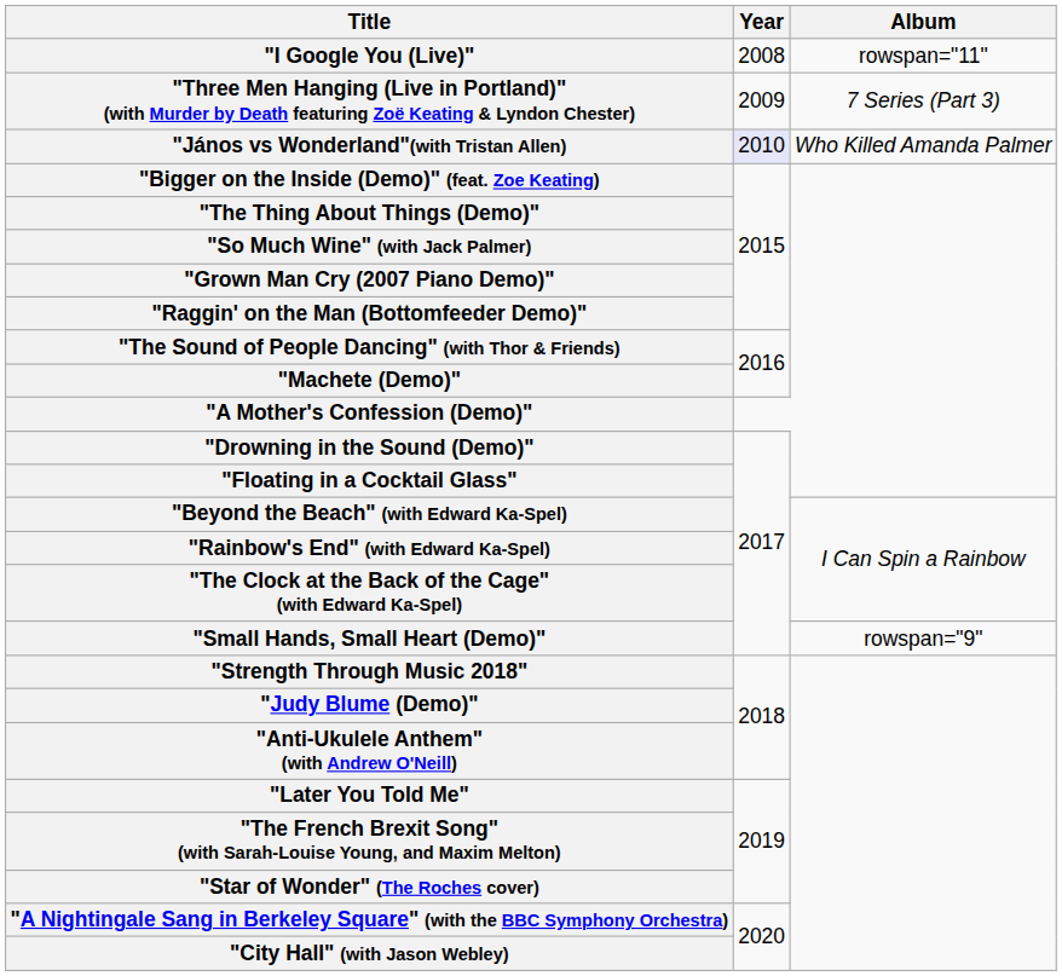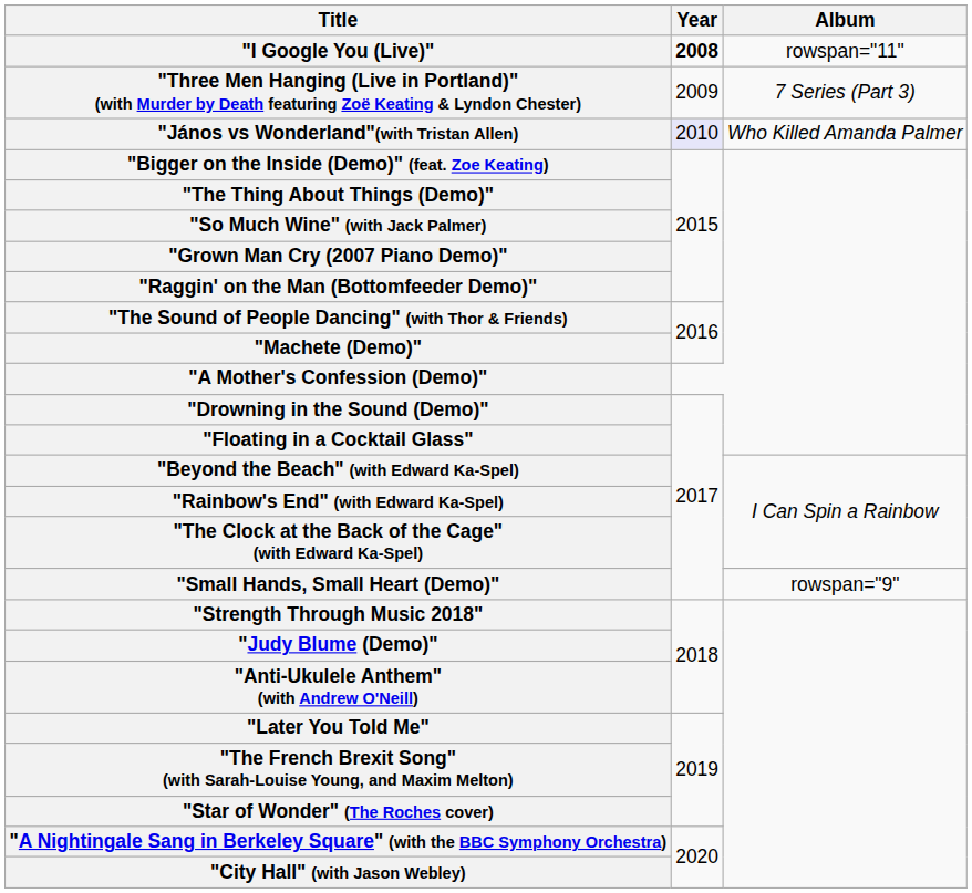 <table class="wikitable plainrowheaders" style="text-align:center;">
 <tr>
 <th scope="col" rowspan="1">Title</th>
 <th scope="col" rowspan="1">Year</th>
 <th scope="col" rowspan="1">Album</th>
 </tr>
 <tr>
 <th scope="row">"I Google You (Live)"</th>
-<td>2008</td>
+<td><strong>2008</strong></td>
 <td>rowspan="11" </td>
 </tr>
 <tr>
 <th scope="row">"Three Men Hanging (Live in Portland)"<br><small>(with <a href='#'>Murder by Death</a> featuring <a href='#'>Zoë Keating</a> & Lyndon Chester)</small></th>
 <td>2009</td>
 <td><em>7 Series (Part 3)</em></td>
 </tr>
 <tr>
 <th scope="row">"János vs Wonderland"<small>(with Tristan Allen)</small></th>
 <td style="background: lavender;">2010</td>
 <td><em>Who Killed Amanda Palmer</em></td>
 </tr>
 <tr>
 <th scope="row">"Bigger on the Inside (Demo)"  <small>(feat. <a href='#'>Zoe Keating</a>)</small></th>
 <td rowspan="5">2015</td>
 </tr>
 <tr>
 <th scope="row">"The Thing About Things (Demo)"</th>
 </tr>
 <tr>
 <th scope="row">"So Much Wine" <small>(with Jack Palmer)</small></th>
 </tr>
 <tr>
 <th scope="row">"Grown Man Cry (2007 Piano Demo)"</th>
 </tr>
 <tr>
 <th scope="row">"Raggin' on the Man (Bottomfeeder Demo)"</th>
 </tr>
 <tr>
 <th scope="row">"The Sound of People Dancing" <small>(with Thor & Friends)</small></th>
 <td rowspan="2">2016</td>
 </tr>
 <tr>
 <th scope="row">"Machete (Demo)" </th>
 </tr>
 <tr>
 <th scope="row">"A Mother's Confession (Demo)" </th>
 </tr>
 <tr>
 <th scope="row">"Drowning in the Sound (Demo)"</th>
 <td rowspan="6">2017</td>
 </tr>
 <tr>
 <th scope="row">"Floating in a Cocktail Glass"</th>
 </tr>
 <tr>
 <th scope="row">"Beyond the Beach" <small>(with Edward Ka-Spel)</small></th>
 <td rowspan="3"><em>I Can Spin a Rainbow</em></td>
 </tr>
 <tr>
 <th scope="row">"Rainbow's End" <small>(with Edward Ka-Spel)</small></th>
 </tr>
 <tr>
 <th scope="row">"The Clock at the Back of the Cage"<br><small>(with Edward Ka-Spel)</small></th>
 </tr>
 <tr>
 <th scope="row">"Small Hands, Small Heart (Demo)"</th>
 <td>rowspan="9" </td>
 </tr>
 <tr>
 <th scope="row">"Strength Through Music 2018"</th>
 <td rowspan="3">2018</td>
 </tr>
 <tr>
 <th scope="row">"<a href='#'>Judy Blume</a> (Demo)" </th>
 </tr>
 <tr>
 <th scope="row">"Anti-Ukulele Anthem"<br><small>(with <a href='#'>Andrew O'Neill</a>)</small></th>
 </tr>
 <tr>
 <th scope="row">"Later You Told Me"</th>
 <td rowspan="3">2019</td>
 </tr>
 <tr>
 <th scope="row">"The French Brexit Song"<br><small>(with Sarah-Louise Young, and Maxim Melton)</small></th>
 </tr>
 <tr>
 <th scope="row">"Star of Wonder" <small>(<a href='#'>The Roches</a> cover)</small></th>
 </tr>
 <tr>
 <th scope="row">"<a href='#'>A Nightingale Sang in Berkeley Square</a>" <small>(with the <a href='#'>BBC Symphony Orchestra</a>)</small></th>
 <td rowspan="2">2020</td>
 </tr>
 <tr>
 <th scope="row">"City Hall" <small>(with Jason Webley)</small></th>
 </tr>
 </table>
